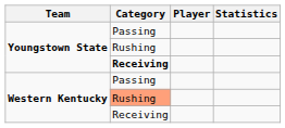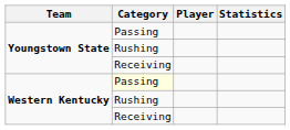 <table class="wikitable" style="float: right;">
 <tr>
 <th>Team</th>
 <th>Category</th>
 <th>Player</th>
 <th>Statistics</th>
 </tr>
 <tr>
 <td rowspan=3><strong>Youngstown State</strong></td>
 <td>Passing</td>
 <td></td>
 <td></td>
 </tr>
 <tr>
 <td>Rushing</td>
 <td></td>
 <td></td>
 </tr>
 <tr>
-<td><strong>Receiving</strong></td>
+<td>Receiving</td>
 <td></td>
 <td></td>
 </tr>
 <tr>
 <td rowspan=3><strong>Western Kentucky</strong></td>
-<td>Passing</td>
+<td style="background: lightyellow;">Passing</td>
 <td></td>
 <td></td>
 </tr>
 <tr>
-<td style="background: lightsalmon;">Rushing</td>
+<td>Rushing</td>
 <td></td>
 <td></td>
 </tr>
 <tr>
 <td>Receiving</td>
 <td></td>
 <td></td>
 </tr>
 </table>
